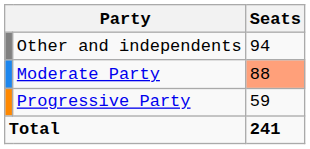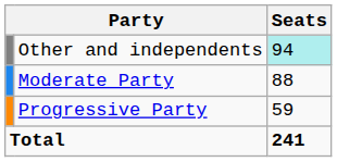 <table class=wikitable>
 <tr>
 <th colspan="2">Party</th>
 <th>Seats</th>
 </tr>
 <tr>
 <td align=center bgcolor=gray></td>
 <td>Other and independents</td>
-<td>94</td>
+<td style="background: paleturquoise;">94</td>
 </tr>
 <tr>
 <td align=center bgcolor=#1C86EE></td>
 <td><a href='#'>Moderate Party</a></td>
-<td style="background: lightsalmon;">88</td>
+<td>88</td>
 </tr>
 <tr>
 <td align=center bgcolor=#FF8800></td>
 <td><a href='#'>Progressive Party</a></td>
 <td>59</td>
 </tr>
 <tr>
 <td colspan="2"><strong>Total</strong></td>
 <td><strong>241</strong></td>
 </tr>
 </table>
